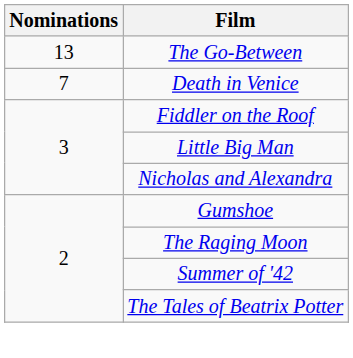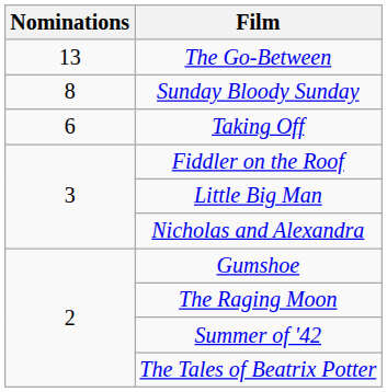 <table class="wikitable" style="text-align:center;">
 <tr>
 <th style="background:">Nominations</th>
 <th style="background:">Film</th>
 </tr>
 <tr>
 <td>13</td>
 <td><em><a href='#'>The Go-Between</a></em></td>
 </tr>
 <tr>
-<td>7</td>
-<td><em><a href='#'>Death in Venice</a></em></td>
+<td>8</td>
+<td><em><a href='#'>Sunday Bloody Sunday</a></em></td>
+</tr>
+<tr>
+<td>6</td>
+<td><em><a href='#'>Taking Off</a></em></td>
 </tr>
 <tr>
 <td rowspan="3">3</td>
 <td><em><a href='#'>Fiddler on the Roof</a></em></td>
 </tr>
 <tr>
 <td><em><a href='#'>Little Big Man</a></em></td>
 </tr>
 <tr>
 <td><em><a href='#'>Nicholas and Alexandra</a></em></td>
 </tr>
 <tr>
 <td rowspan="4">2</td>
 <td><em><a href='#'>Gumshoe</a></em></td>
 </tr>
 <tr>
 <td><em><a href='#'>The Raging Moon</a></em></td>
 </tr>
 <tr>
 <td><em><a href='#'>Summer of '42</a></em></td>
 </tr>
 <tr>
 <td><em><a href='#'>The Tales of Beatrix Potter</a></em></td>
 </tr>
 </table>
